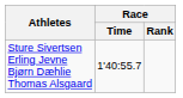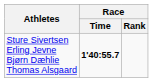 <table class="wikitable" border="1" style="font-size:90%">
 <tr>
 <th rowspan=2>Athletes</th>
 <th colspan=2>Race</th>
 </tr>
 <tr>
 <th>Time</th>
 <th>Rank</th>
 </tr>
 <tr>
 <td><a href='#'>Sture Sivertsen</a><br><a href='#'>Erling Jevne</a><br><a href='#'>Bjørn Dæhlie</a><br><a href='#'>Thomas Alsgaard</a></td>
-<td align=center>1'40:55.7</td>
+<td align=center><strong>1'40:55.7</strong></td>
 <td align=center></td>
 </tr>
 </table>
